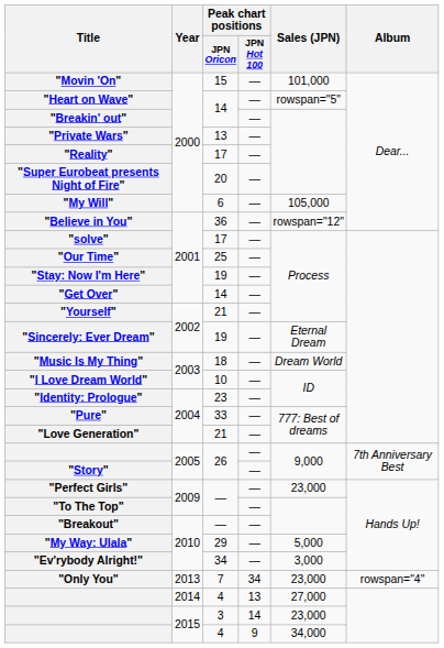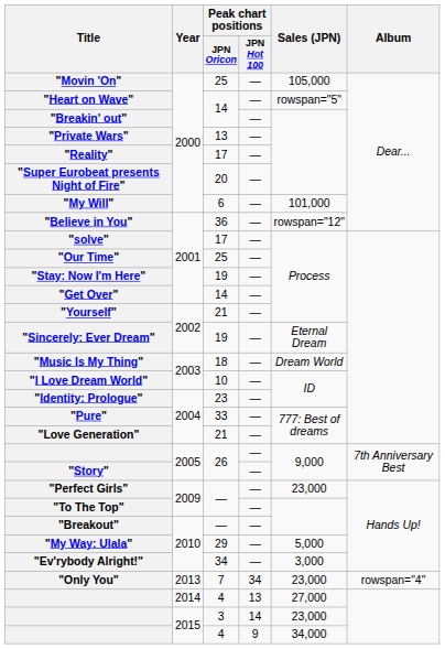 <table class="wikitable plainrowheaders" style="text-align:center;">
 <tr>
 <th scope="col" rowspan="2" style="width:16em;">Title</th>
 <th scope="col" rowspan="2" style="width:2em;">Year</th>
 <th scope="col" colspan="2">Peak chart positions</th>
 <th scope="col" rowspan="2" style="width:4em;">Sales (JPN)</th>
 <th scope="col" rowspan="2" style="width:8em;">Album</th>
 </tr>
 <tr>
 <th style="width:3em;font-size:85%">JPN <em><a href='#'>Oricon</a></em><br></th>
 <th style="width:3em;font-size:85%">JPN<br><em><a href='#'>Hot 100</a></em><br></th>
 </tr>
 <tr>
 <th scope="row">"<a href='#'>Movin 'On</a>"</th>
 <td rowspan="7">2000</td>
-<td>15</td>
+<td>25</td>
 <td>—</td>
-<td>101,000</td>
+<td>105,000</td>
 <td rowspan="8"><em>Dear...</em></td>
 </tr>
 <tr>
 <th scope="row">"<a href='#'>Heart on Wave</a>"</th>
 <td rowspan="2">14</td>
 <td>—</td>
 <td>rowspan="5" </td>
 </tr>
 <tr>
 <th scope="row">"<a href='#'>Breakin' out</a>"</th>
 <td>—</td>
 </tr>
 <tr>
 <th scope="row">"<a href='#'>Private Wars</a>"</th>
 <td>13</td>
 <td>—</td>
 </tr>
 <tr>
 <th scope="row">"<a href='#'>Reality</a>"</th>
 <td>17</td>
 <td>—</td>
 </tr>
 <tr>
 <th scope="row">"<a href='#'>Super Eurobeat presents Night of Fire</a>"</th>
 <td>20</td>
 <td>—</td>
 </tr>
 <tr>
 <th scope="row">"<a href='#'>My Will</a>"</th>
 <td>6</td>
 <td>—</td>
-<td>105,000</td>
+<td>101,000</td>
 </tr>
 <tr>
 <th scope="row">"<a href='#'>Believe in You</a>"</th>
 <td rowspan="5">2001</td>
 <td>36</td>
 <td>—</td>
 <td>rowspan="12" </td>
 </tr>
 <tr>
 <th scope="row">"<a href='#'>solve</a>"</th>
 <td>17</td>
 <td>—</td>
 <td rowspan="5"><em>Process</em></td>
 </tr>
 <tr>
 <th scope="row">"<a href='#'>Our Time</a>"</th>
 <td>25</td>
 <td>—</td>
 </tr>
 <tr>
 <th scope="row">"<a href='#'>Stay: Now I'm Here</a>"</th>
 <td>19</td>
 <td>—</td>
 </tr>
 <tr>
 <th scope="row">"<a href='#'>Get Over</a>"</th>
 <td>14</td>
 <td>—</td>
 </tr>
 <tr>
 <th scope="row">"<a href='#'>Yourself</a>"</th>
 <td rowspan="2">2002</td>
 <td>21</td>
 <td>—</td>
 </tr>
 <tr>
 <th scope="row">"<a href='#'>Sincerely: Ever Dream</a>"</th>
 <td>19</td>
 <td>—</td>
 <td><em>Eternal Dream</em></td>
 </tr>
 <tr>
 <th scope="row">"<a href='#'>Music Is My Thing</a>"</th>
 <td rowspan="2">2003</td>
 <td>18</td>
 <td>—</td>
 <td><em>Dream World</em></td>
 </tr>
 <tr>
 <th scope="row">"<a href='#'>I Love Dream World</a>"</th>
 <td>10</td>
 <td>—</td>
 <td rowspan="2"><em>ID</em></td>
 </tr>
 <tr>
 <th scope="row">"<a href='#'>Identity: Prologue</a>"</th>
 <td rowspan="3">2004</td>
 <td>23</td>
 <td>—</td>
 </tr>
 <tr>
 <th scope="row">"<a href='#'>Pure</a>"</th>
 <td>33</td>
 <td>—</td>
 <td rowspan="2"><em>777: Best of dreams</em></td>
 </tr>
 <tr>
 <th scope="row">"Love Generation"</th>
 <td>21</td>
 <td>—</td>
 </tr>
 <tr>
 <th scope="row"></th>
 <td rowspan="2">2005</td>
 <td rowspan="2">26</td>
 <td>—</td>
 <td rowspan="2">9,000</td>
 <td rowspan="2"><em>7th Anniversary Best</em></td>
 </tr>
 <tr>
 <th scope="row">"<a href='#'>Story</a>"</th>
 <td>—</td>
 </tr>
 <tr>
 <th scope="row">"Perfect Girls"</th>
 <td rowspan="2">2009</td>
 <td rowspan="2">—</td>
 <td>—</td>
 <td>23,000</td>
 <td rowspan="5"><em>Hands Up!</em></td>
 </tr>
 <tr>
 <th scope="row">"To The Top"</th>
 <td>—</td>
 </tr>
 <tr>
 <th scope="row">"Breakout"</th>
 <td rowspan="3">2010</td>
 <td>—</td>
 <td>—</td>
 </tr>
 <tr>
 <th scope="row">"<a href='#'>My Way: Ulala</a>"</th>
 <td>29</td>
 <td>—</td>
 <td>5,000</td>
 </tr>
 <tr>
 <th scope="row">"Ev'rybody Alright!"</th>
 <td>34</td>
 <td>—</td>
 <td>3,000</td>
 </tr>
 <tr>
 <th scope="row">"Only You"</th>
 <td>2013</td>
 <td>7</td>
 <td>34</td>
 <td>23,000</td>
 <td>rowspan="4" </td>
 </tr>
 <tr>
 <th scope="row"></th>
 <td>2014</td>
 <td>4</td>
 <td>13</td>
 <td>27,000</td>
 </tr>
 <tr>
 <th scope="row"></th>
 <td rowspan="2">2015</td>
 <td>3</td>
 <td>14</td>
 <td>23,000</td>
 </tr>
 <tr>
 <th scope="row"></th>
 <td>4</td>
 <td>9</td>
 <td>34,000</td>
 </tr>
 </table>
